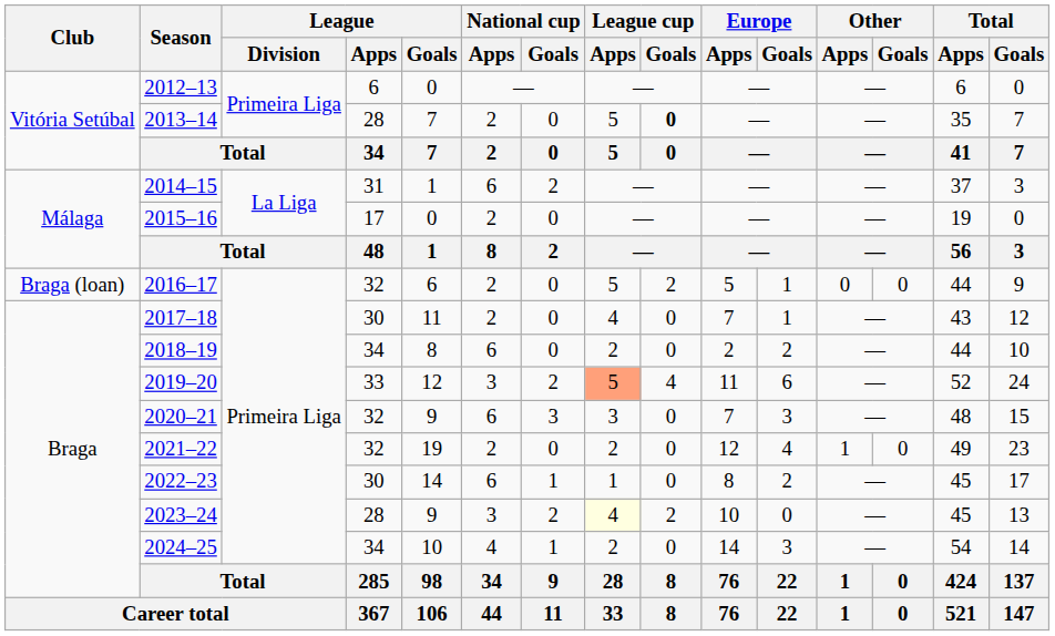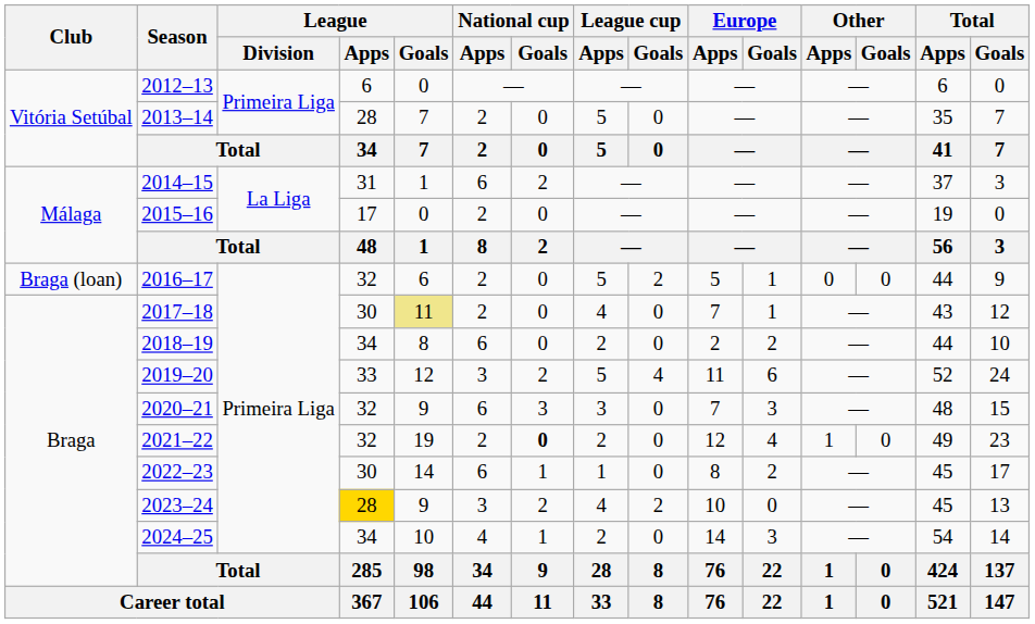 <table class="wikitable" style="text-align:center">
 <tr>
 <th rowspan="2">Club</th>
 <th rowspan="2">Season</th>
 <th colspan="3">League</th>
 <th colspan="2">National cup</th>
 <th colspan="2">League cup</th>
 <th colspan="2"><a href='#'>Europe</a></th>
 <th colspan="2">Other</th>
 <th colspan="2">Total</th>
 </tr>
 <tr>
 <th>Division</th>
 <th>Apps</th>
 <th>Goals</th>
 <th>Apps</th>
 <th>Goals</th>
 <th>Apps</th>
 <th>Goals</th>
 <th>Apps</th>
 <th>Goals</th>
 <th>Apps</th>
 <th>Goals</th>
 <th>Apps</th>
 <th>Goals</th>
 </tr>
 <tr>
 <td rowspan="3"><a href='#'>Vitória Setúbal</a></td>
 <td><a href='#'>2012–13</a></td>
 <td rowspan="2"><a href='#'>Primeira Liga</a></td>
 <td>6</td>
 <td>0</td>
 <td colspan="2">—</td>
 <td colspan="2">—</td>
 <td colspan="2">—</td>
 <td colspan="2">—</td>
 <td>6</td>
 <td>0</td>
 </tr>
 <tr>
 <td><a href='#'>2013–14</a></td>
 <td>28</td>
 <td>7</td>
 <td>2</td>
 <td>0</td>
 <td>5</td>
-<td><strong>0</strong></td>
+<td>0</td>
 <td colspan="2">—</td>
 <td colspan="2">—</td>
 <td>35</td>
 <td>7</td>
 </tr>
 <tr>
 <th colspan="2">Total</th>
 <th>34</th>
 <th>7</th>
 <th>2</th>
 <th>0</th>
 <th>5</th>
 <th>0</th>
 <th colspan="2">—</th>
 <th colspan="2">—</th>
 <th>41</th>
 <th>7</th>
 </tr>
 <tr>
 <td rowspan="3"><a href='#'>Málaga</a></td>
 <td><a href='#'>2014–15</a></td>
 <td rowspan="2"><a href='#'>La Liga</a></td>
 <td>31</td>
 <td>1</td>
 <td>6</td>
 <td>2</td>
 <td colspan="2">—</td>
 <td colspan="2">—</td>
 <td colspan="2">—</td>
 <td>37</td>
 <td>3</td>
 </tr>
 <tr>
 <td><a href='#'>2015–16</a></td>
 <td>17</td>
 <td>0</td>
 <td>2</td>
 <td>0</td>
 <td colspan="2">—</td>
 <td colspan="2">—</td>
 <td colspan="2">—</td>
 <td>19</td>
 <td>0</td>
 </tr>
 <tr>
 <th colspan="2">Total</th>
 <th>48</th>
 <th>1</th>
 <th>8</th>
 <th>2</th>
 <th colspan="2">—</th>
 <th colspan="2">—</th>
 <th colspan="2">—</th>
 <th>56</th>
 <th>3</th>
 </tr>
 <tr>
 <td><a href='#'>Braga</a> (loan)</td>
 <td><a href='#'>2016–17</a></td>
 <td rowspan="9">Primeira Liga</td>
 <td>32</td>
 <td>6</td>
 <td>2</td>
 <td>0</td>
 <td>5</td>
 <td>2</td>
 <td>5</td>
 <td>1</td>
 <td>0</td>
 <td>0</td>
 <td>44</td>
 <td>9</td>
 </tr>
 <tr>
 <td rowspan="9">Braga</td>
 <td><a href='#'>2017–18</a></td>
 <td>30</td>
-<td>11</td>
+<td style="background: khaki;">11</td>
 <td>2</td>
 <td>0</td>
 <td>4</td>
 <td>0</td>
 <td>7</td>
 <td>1</td>
 <td colspan="2">—</td>
 <td>43</td>
 <td>12</td>
 </tr>
 <tr>
 <td><a href='#'>2018–19</a></td>
 <td>34</td>
 <td>8</td>
 <td>6</td>
 <td>0</td>
 <td>2</td>
 <td>0</td>
 <td>2</td>
 <td>2</td>
 <td colspan="2">—</td>
 <td>44</td>
 <td>10</td>
 </tr>
 <tr>
 <td><a href='#'>2019–20</a></td>
 <td>33</td>
 <td>12</td>
 <td>3</td>
 <td>2</td>
-<td style="background: lightsalmon;">5</td>
+<td>5</td>
 <td>4</td>
 <td>11</td>
 <td>6</td>
 <td colspan="2">—</td>
 <td>52</td>
 <td>24</td>
 </tr>
 <tr>
 <td><a href='#'>2020–21</a></td>
 <td>32</td>
 <td>9</td>
 <td>6</td>
 <td>3</td>
 <td>3</td>
 <td>0</td>
 <td>7</td>
 <td>3</td>
 <td colspan="2">—</td>
 <td>48</td>
 <td>15</td>
 </tr>
 <tr>
 <td><a href='#'>2021–22</a></td>
 <td>32</td>
 <td>19</td>
 <td>2</td>
-<td>0</td>
+<td><strong>0</strong></td>
 <td>2</td>
 <td>0</td>
 <td>12</td>
 <td>4</td>
 <td>1</td>
 <td>0</td>
 <td>49</td>
 <td>23</td>
 </tr>
 <tr>
 <td><a href='#'>2022–23</a></td>
 <td>30</td>
 <td>14</td>
 <td>6</td>
 <td>1</td>
 <td>1</td>
 <td>0</td>
 <td>8</td>
 <td>2</td>
 <td colspan="2">—</td>
 <td>45</td>
 <td>17</td>
 </tr>
 <tr>
 <td><a href='#'>2023–24</a></td>
-<td>28</td>
+<td style="background: gold;">28</td>
 <td>9</td>
 <td>3</td>
 <td>2</td>
-<td style="background: lightyellow;">4</td>
+<td>4</td>
 <td>2</td>
 <td>10</td>
 <td>0</td>
 <td colspan="2">—</td>
 <td>45</td>
 <td>13</td>
 </tr>
 <tr>
 <td><a href='#'>2024–25</a></td>
 <td>34</td>
 <td>10</td>
 <td>4</td>
 <td>1</td>
 <td>2</td>
 <td>0</td>
 <td>14</td>
 <td>3</td>
 <td colspan="2">—</td>
 <td>54</td>
 <td>14</td>
 </tr>
 <tr>
 <th colspan="2">Total</th>
 <th>285</th>
 <th>98</th>
 <th>34</th>
 <th>9</th>
 <th>28</th>
 <th>8</th>
 <th>76</th>
 <th>22</th>
 <th>1</th>
 <th>0</th>
 <th>424</th>
 <th>137</th>
 </tr>
 <tr>
 <th colspan="3">Career total</th>
 <th>367</th>
 <th>106</th>
 <th>44</th>
 <th>11</th>
 <th>33</th>
 <th>8</th>
 <th>76</th>
 <th>22</th>
 <th>1</th>
 <th>0</th>
 <th>521</th>
 <th>147</th>
 </tr>
 </table>
